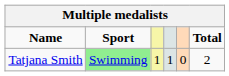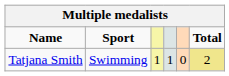 <table class="wikitable" style="font-size:85%; float:right;">
 <tr style="background:#efefef;">
 <th colspan=7>Multiple medalists</th>
 </tr>
 <tr align=center>
 <td><strong>Name</strong></td>
 <td><strong>Sport</strong></td>
 <td style="background:#f7f6a8;"></td>
 <td style="background:#dce5e5;"></td>
 <td style="background:#ffdab9;"></td>
 <td><strong>Total</strong></td>
 </tr>
 <tr align=center>
 <td><a href='#'>Tatjana Smith</a></td>
-<td style="background: lightgreen;"><a href='#'>Swimming</a></td>
+<td><a href='#'>Swimming</a></td>
 <td style="background:#f7f6a8;">1</td>
 <td style="background:#dce5e5;">1</td>
 <td style="background:#ffdab9;">0</td>
-<td>2</td>
+<td style="background: khaki;">2</td>
 </tr>
 </table>
